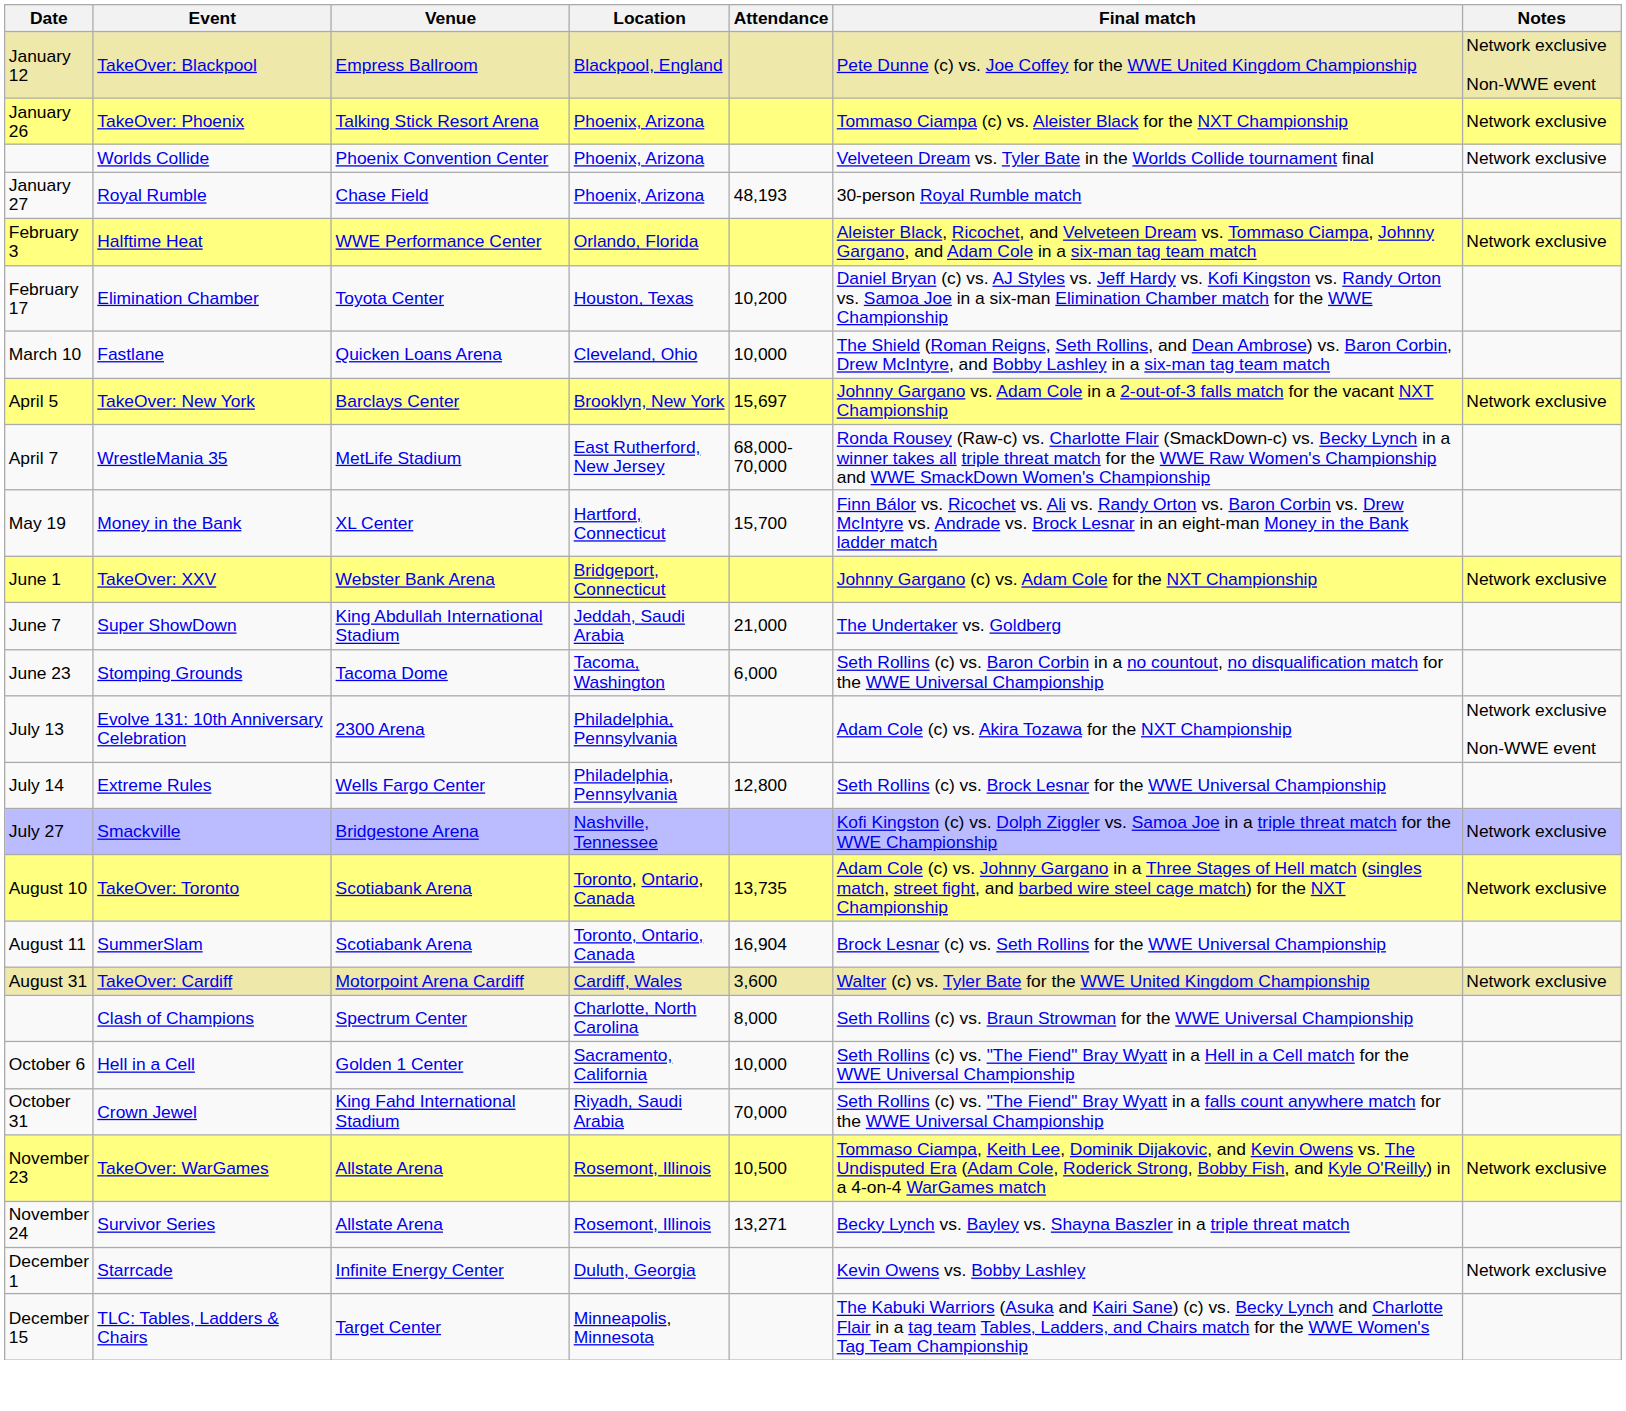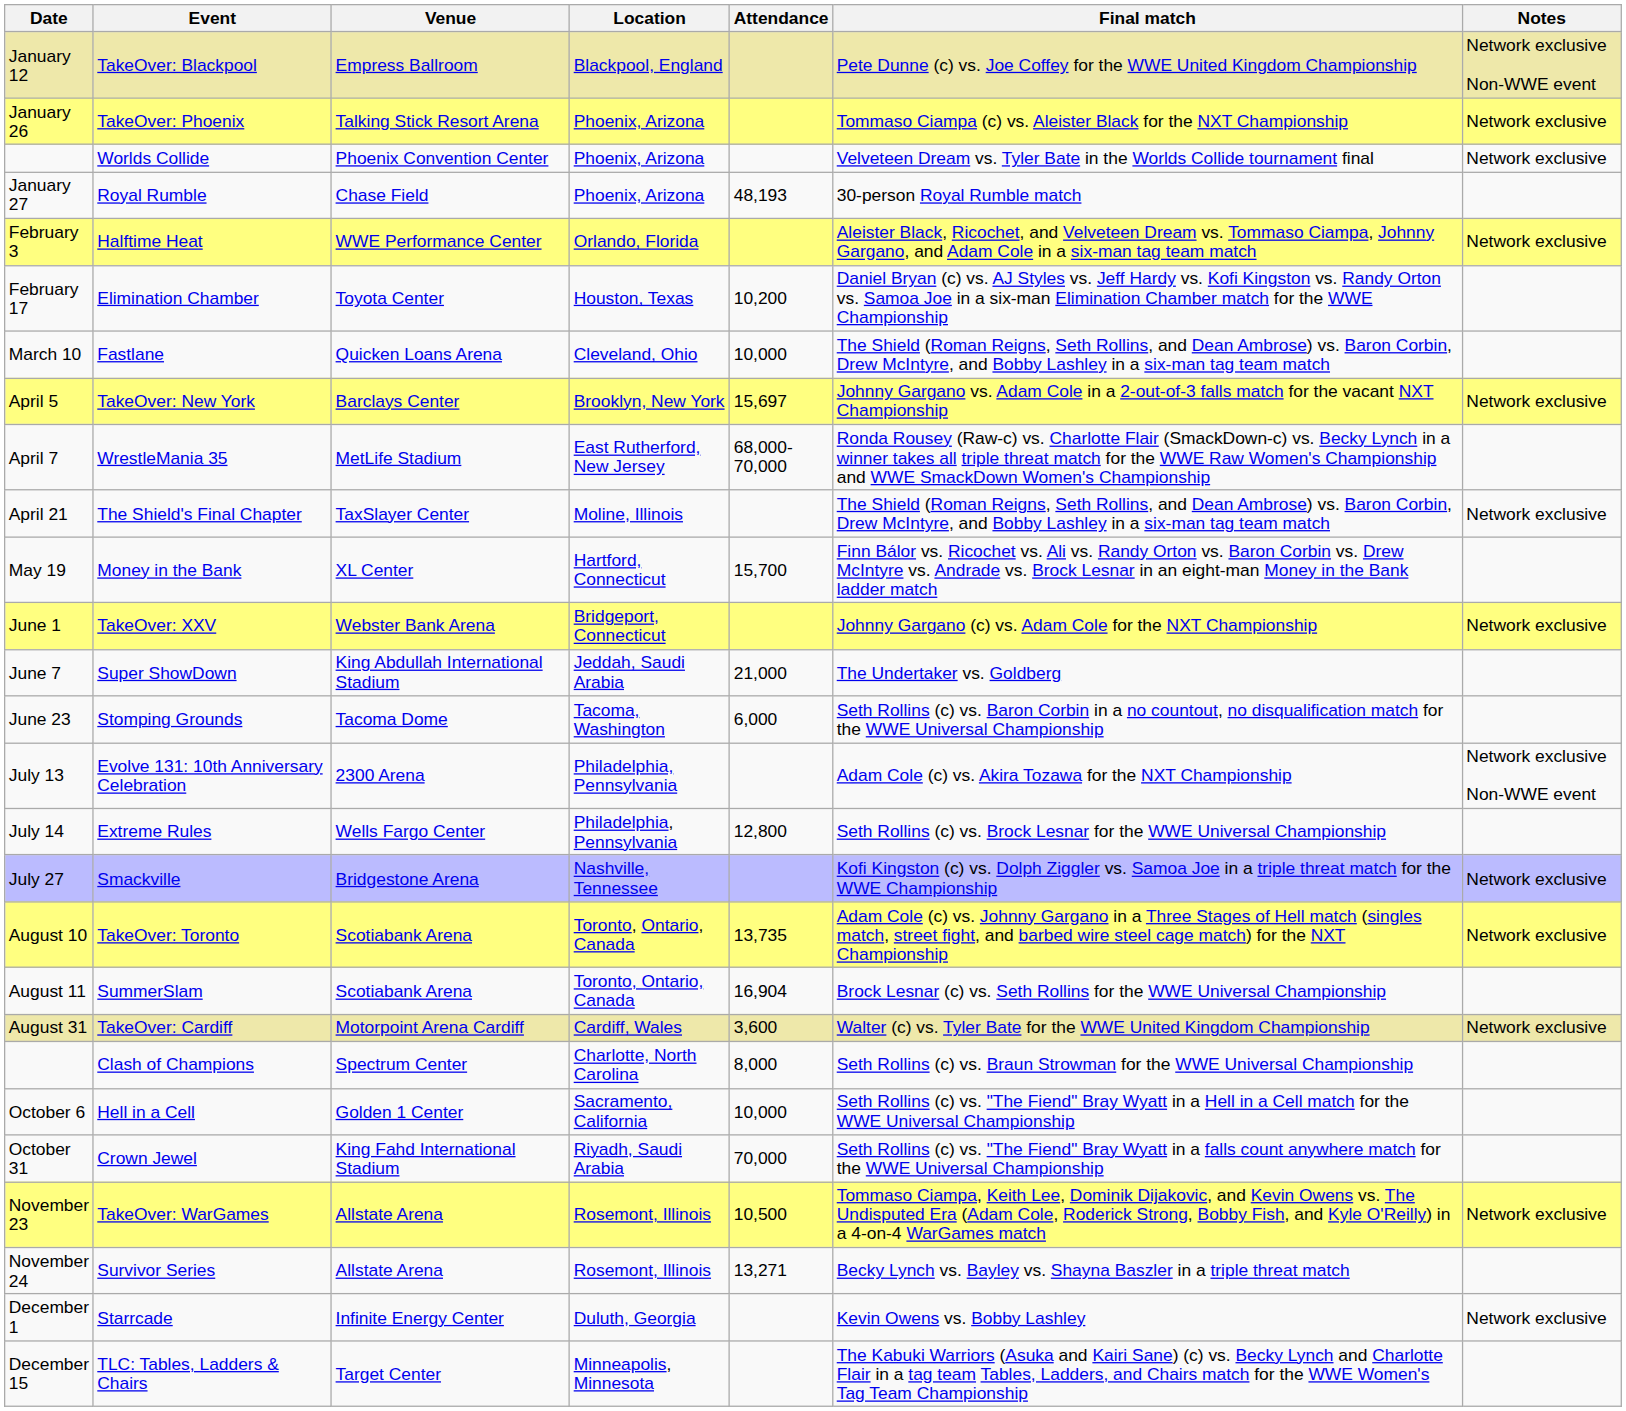 <table id="Past_events_2019" class="sortable wikitable succession-box" style="font-size:85%; width:100%">
 <tr>
 <th scope="col" style="width:5%;">Date</th>
 <th scope="col" style="width:15%;">Event</th>
 <th scope="col" style="width:15%;">Venue</th>
 <th scope="col" style="width:10%;">Location</th>
 <th scope="col" style="width:5%;">Attendance</th>
 <th scope="col" style="width:40%;">Final match</th>
 <th scope="col" style="width:10%;">Notes</th>
 </tr>
 <tr style="background: #EEE8AA">
 <td>January 12</td>
 <td><a href='#'>TakeOver: Blackpool</a></td>
 <td><a href='#'>Empress Ballroom</a></td>
 <td><a href='#'>Blackpool, England</a></td>
 <td></td>
 <td><a href='#'>Pete Dunne</a> (c) vs. <a href='#'>Joe Coffey</a> for the <a href='#'>WWE United Kingdom Championship</a></td>
 <td>Network exclusive<br><br>Non-WWE event</td>
 </tr>
 <tr style="background: #FFFF80;">
 <td>January 26</td>
 <td><a href='#'>TakeOver: Phoenix</a></td>
 <td><a href='#'>Talking Stick Resort Arena</a></td>
 <td><a href='#'>Phoenix, Arizona</a></td>
 <td></td>
 <td><a href='#'>Tommaso Ciampa</a> (c) vs. <a href='#'>Aleister Black</a> for the <a href='#'>NXT Championship</a></td>
 <td>Network exclusive</td>
 </tr>
 <tr>
 <td></td>
 <td><a href='#'>Worlds Collide</a></td>
 <td><a href='#'>Phoenix Convention Center</a></td>
 <td><a href='#'>Phoenix, Arizona</a></td>
 <td></td>
 <td><a href='#'>Velveteen Dream</a> vs. <a href='#'>Tyler Bate</a> in the <a href='#'>Worlds Collide tournament</a> final</td>
 <td>Network exclusive</td>
 </tr>
 <tr>
 <td>January 27</td>
 <td><a href='#'>Royal Rumble</a></td>
 <td><a href='#'>Chase Field</a></td>
 <td><a href='#'>Phoenix, Arizona</a></td>
 <td>48,193</td>
 <td>30-person <a href='#'>Royal Rumble match</a></td>
 <td></td>
 </tr>
 <tr style="background: #FFFF80;">
 <td>February 3</td>
 <td><a href='#'>Halftime Heat</a></td>
 <td><a href='#'>WWE Performance Center</a></td>
 <td><a href='#'>Orlando, Florida</a></td>
 <td></td>
 <td><a href='#'>Aleister Black</a>, <a href='#'>Ricochet</a>, and <a href='#'>Velveteen Dream</a> vs. <a href='#'>Tommaso Ciampa</a>, <a href='#'>Johnny Gargano</a>, and <a href='#'>Adam Cole</a> in a <a href='#'>six-man tag team match</a></td>
 <td>Network exclusive</td>
 </tr>
 <tr>
 <td>February 17</td>
 <td><a href='#'>Elimination Chamber</a></td>
 <td><a href='#'>Toyota Center</a></td>
 <td><a href='#'>Houston, Texas</a></td>
 <td>10,200</td>
 <td><a href='#'>Daniel Bryan</a> (c) vs. <a href='#'>AJ Styles</a> vs. <a href='#'>Jeff Hardy</a> vs. <a href='#'>Kofi Kingston</a> vs. <a href='#'>Randy Orton</a> vs. <a href='#'>Samoa Joe</a> in a six-man <a href='#'>Elimination Chamber match</a> for the <a href='#'>WWE Championship</a></td>
 <td></td>
 </tr>
 <tr>
 <td>March 10</td>
 <td><a href='#'>Fastlane</a></td>
 <td><a href='#'>Quicken Loans Arena</a></td>
 <td><a href='#'>Cleveland, Ohio</a></td>
 <td>10,000</td>
 <td><a href='#'>The Shield</a> (<a href='#'>Roman Reigns</a>, <a href='#'>Seth Rollins</a>, and <a href='#'>Dean Ambrose</a>) vs. <a href='#'>Baron Corbin</a>, <a href='#'>Drew McIntyre</a>, and <a href='#'>Bobby Lashley</a> in a <a href='#'>six-man tag team match</a></td>
 <td></td>
 </tr>
 <tr style="background: #FFFF80;">
 <td>April 5</td>
 <td><a href='#'>TakeOver: New York</a></td>
 <td><a href='#'>Barclays Center</a></td>
 <td><a href='#'>Brooklyn, New York</a></td>
 <td>15,697</td>
 <td><a href='#'>Johnny Gargano</a> vs. <a href='#'>Adam Cole</a> in a <a href='#'>2-out-of-3 falls match</a> for the vacant <a href='#'>NXT Championship</a></td>
 <td>Network exclusive</td>
 </tr>
 <tr>
 <td>April 7</td>
 <td><a href='#'>WrestleMania 35</a></td>
 <td><a href='#'>MetLife Stadium</a></td>
 <td><a href='#'>East Rutherford, New Jersey</a></td>
 <td>68,000-70,000</td>
 <td><a href='#'>Ronda Rousey</a> (Raw-c) vs. <a href='#'>Charlotte Flair</a> (SmackDown-c) vs. <a href='#'>Becky Lynch</a> in a <a href='#'>winner takes all</a> <a href='#'>triple threat match</a> for the <a href='#'>WWE Raw Women's Championship</a> and <a href='#'>WWE SmackDown Women's Championship</a></td>
 <td></td>
+</tr>
+<tr>
+<td>April 21</td>
+<td><a href='#'>The Shield's Final Chapter</a></td>
+<td><a href='#'>TaxSlayer Center</a></td>
+<td><a href='#'>Moline, Illinois</a></td>
+<td></td>
+<td><a href='#'>The Shield</a> (<a href='#'>Roman Reigns</a>, <a href='#'>Seth Rollins</a>, and <a href='#'>Dean Ambrose</a>) vs. <a href='#'>Baron Corbin</a>, <a href='#'>Drew McIntyre</a>, and <a href='#'>Bobby Lashley</a> in a <a href='#'>six-man tag team match</a></td>
+<td>Network exclusive</td>
 </tr>
 <tr>
 <td>May 19</td>
 <td><a href='#'>Money in the Bank</a></td>
 <td><a href='#'>XL Center</a></td>
 <td><a href='#'>Hartford, Connecticut</a></td>
 <td>15,700</td>
 <td><a href='#'>Finn Bálor</a> vs. <a href='#'>Ricochet</a> vs. <a href='#'>Ali</a> vs. <a href='#'>Randy Orton</a> vs. <a href='#'>Baron Corbin</a> vs. <a href='#'>Drew McIntyre</a> vs. <a href='#'>Andrade</a> vs. <a href='#'>Brock Lesnar</a> in an eight-man <a href='#'>Money in the Bank ladder match</a></td>
 <td></td>
 </tr>
 <tr style="background: #FFFF80;">
 <td>June 1</td>
 <td><a href='#'>TakeOver: XXV</a></td>
 <td><a href='#'>Webster Bank Arena</a></td>
 <td><a href='#'>Bridgeport, Connecticut</a></td>
 <td></td>
 <td><a href='#'>Johnny Gargano</a> (c) vs. <a href='#'>Adam Cole</a> for the <a href='#'>NXT Championship</a></td>
 <td>Network exclusive</td>
 </tr>
 <tr>
 <td>June 7</td>
 <td><a href='#'>Super ShowDown</a></td>
 <td><a href='#'>King Abdullah International Stadium</a></td>
 <td><a href='#'>Jeddah, Saudi Arabia</a></td>
 <td>21,000</td>
 <td><a href='#'>The Undertaker</a> vs. <a href='#'>Goldberg</a></td>
 <td></td>
 </tr>
 <tr>
 <td>June 23</td>
 <td><a href='#'>Stomping Grounds</a></td>
 <td><a href='#'>Tacoma Dome</a></td>
 <td><a href='#'>Tacoma, Washington</a></td>
 <td>6,000</td>
 <td><a href='#'>Seth Rollins</a> (c) vs. <a href='#'>Baron Corbin</a> in a <a href='#'>no countout</a>, <a href='#'>no disqualification match</a> for the <a href='#'>WWE Universal Championship</a></td>
 <td></td>
 </tr>
 <tr>
 <td>July 13</td>
 <td><a href='#'>Evolve 131: 10th Anniversary Celebration</a></td>
 <td><a href='#'>2300 Arena</a></td>
 <td><a href='#'>Philadelphia, Pennsylvania</a></td>
 <td></td>
 <td><a href='#'>Adam Cole</a> (c) vs. <a href='#'>Akira Tozawa</a> for the <a href='#'>NXT Championship</a></td>
 <td>Network exclusive<br><br>Non-WWE event</td>
 </tr>
 <tr>
 <td>July 14</td>
 <td><a href='#'>Extreme Rules</a></td>
 <td><a href='#'>Wells Fargo Center</a></td>
 <td><a href='#'>Philadelphia</a>, <a href='#'>Pennsylvania</a></td>
 <td>12,800</td>
 <td><a href='#'>Seth Rollins</a> (c) vs. <a href='#'>Brock Lesnar</a> for the <a href='#'>WWE Universal Championship</a></td>
 <td></td>
 </tr>
 <tr style="background: #BBF">
 <td>July 27</td>
 <td><a href='#'>Smackville</a></td>
 <td><a href='#'>Bridgestone Arena</a></td>
 <td><a href='#'>Nashville, Tennessee</a></td>
 <td></td>
 <td><a href='#'>Kofi Kingston</a> (c) vs. <a href='#'>Dolph Ziggler</a> vs. <a href='#'>Samoa Joe</a> in a <a href='#'>triple threat match</a> for the <a href='#'>WWE Championship</a></td>
 <td>Network exclusive</td>
 </tr>
 <tr style="background: #FFFF80;">
 <td>August 10</td>
 <td><a href='#'>TakeOver: Toronto</a></td>
 <td><a href='#'>Scotiabank Arena</a></td>
 <td><a href='#'>Toronto</a>, <a href='#'>Ontario</a>, <a href='#'>Canada</a></td>
 <td>13,735</td>
 <td><a href='#'>Adam Cole</a> (c) vs. <a href='#'>Johnny Gargano</a> in a <a href='#'>Three Stages of Hell match</a> (<a href='#'>singles match</a>, <a href='#'>street fight</a>, and <a href='#'>barbed wire steel cage match</a>) for the <a href='#'>NXT Championship</a></td>
 <td>Network exclusive</td>
 </tr>
 <tr>
 <td>August 11</td>
 <td><a href='#'>SummerSlam</a></td>
 <td><a href='#'>Scotiabank Arena</a></td>
 <td><a href='#'>Toronto, Ontario, Canada</a></td>
 <td>16,904</td>
 <td><a href='#'>Brock Lesnar</a> (c) vs. <a href='#'>Seth Rollins</a> for the <a href='#'>WWE Universal Championship</a></td>
 <td></td>
 </tr>
 <tr style="background: #EEE8AA;">
 <td>August 31</td>
 <td><a href='#'>TakeOver: Cardiff</a></td>
 <td><a href='#'>Motorpoint Arena Cardiff</a></td>
 <td><a href='#'>Cardiff, Wales</a></td>
 <td>3,600</td>
 <td><a href='#'>Walter</a> (c) vs. <a href='#'>Tyler Bate</a> for the <a href='#'>WWE United Kingdom Championship</a></td>
 <td>Network exclusive</td>
 </tr>
 <tr>
 <td></td>
 <td><a href='#'>Clash of Champions</a></td>
 <td><a href='#'>Spectrum Center</a></td>
 <td><a href='#'>Charlotte, North Carolina</a></td>
 <td>8,000</td>
 <td><a href='#'>Seth Rollins</a> (c) vs. <a href='#'>Braun Strowman</a> for the <a href='#'>WWE Universal Championship</a></td>
 <td></td>
 </tr>
 <tr>
 <td>October 6</td>
 <td><a href='#'>Hell in a Cell</a></td>
 <td><a href='#'>Golden 1 Center</a></td>
 <td><a href='#'>Sacramento, California</a></td>
 <td>10,000</td>
 <td><a href='#'>Seth Rollins</a> (c) vs. <a href='#'>"The Fiend" Bray Wyatt</a> in a <a href='#'>Hell in a Cell match</a> for the <a href='#'>WWE Universal Championship</a></td>
 <td></td>
 </tr>
 <tr>
 <td>October 31</td>
 <td><a href='#'>Crown Jewel</a></td>
 <td><a href='#'>King Fahd International Stadium</a></td>
 <td><a href='#'>Riyadh, Saudi Arabia</a></td>
 <td>70,000</td>
 <td><a href='#'>Seth Rollins</a> (c) vs. <a href='#'>"The Fiend" Bray Wyatt</a> in a <a href='#'>falls count anywhere match</a> for the <a href='#'>WWE Universal Championship</a></td>
 <td></td>
 </tr>
 <tr style="background: #FFFF80;">
 <td>November 23</td>
 <td><a href='#'>TakeOver: WarGames</a></td>
 <td><a href='#'>Allstate Arena</a></td>
 <td><a href='#'>Rosemont, Illinois</a></td>
 <td>10,500</td>
 <td><a href='#'>Tommaso Ciampa</a>, <a href='#'>Keith Lee</a>, <a href='#'>Dominik Dijakovic</a>, and <a href='#'>Kevin Owens</a> vs. <a href='#'>The Undisputed Era</a> (<a href='#'>Adam Cole</a>, <a href='#'>Roderick Strong</a>, <a href='#'>Bobby Fish</a>, and <a href='#'>Kyle O'Reilly</a>) in a 4-on-4 <a href='#'>WarGames match</a></td>
 <td>Network exclusive</td>
 </tr>
 <tr>
 <td>November 24</td>
 <td><a href='#'>Survivor Series</a></td>
 <td><a href='#'>Allstate Arena</a></td>
 <td><a href='#'>Rosemont, Illinois</a></td>
 <td>13,271</td>
 <td><a href='#'>Becky Lynch</a> vs. <a href='#'>Bayley</a> vs. <a href='#'>Shayna Baszler</a> in a <a href='#'>triple threat match</a></td>
 <td></td>
 </tr>
 <tr>
 <td>December 1</td>
 <td><a href='#'>Starrcade</a></td>
 <td><a href='#'>Infinite Energy Center</a></td>
 <td><a href='#'>Duluth, Georgia</a></td>
 <td></td>
 <td><a href='#'>Kevin Owens</a> vs. <a href='#'>Bobby Lashley</a></td>
 <td>Network exclusive</td>
 </tr>
 <tr>
 <td>December 15</td>
 <td><a href='#'>TLC: Tables, Ladders & Chairs</a></td>
 <td><a href='#'>Target Center</a></td>
 <td><a href='#'>Minneapolis</a>, <a href='#'>Minnesota</a></td>
 <td></td>
 <td><a href='#'>The Kabuki Warriors</a> (<a href='#'>Asuka</a> and <a href='#'>Kairi Sane</a>) (c) vs. <a href='#'>Becky Lynch</a> and <a href='#'>Charlotte Flair</a> in a <a href='#'>tag team</a> <a href='#'>Tables, Ladders, and Chairs match</a> for the <a href='#'>WWE Women's Tag Team Championship</a></td>
 <td></td>
 </tr>
 </table>
